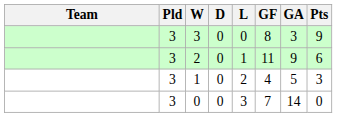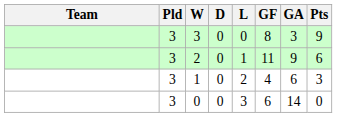 <table class="wikitable" style="text-align: center;">
 <tr>
 <th width="175">Team</th>
 <th width="20">Pld</th>
 <th width="20">W</th>
 <th width="20">D</th>
 <th width="20">L</th>
 <th width="20">GF</th>
 <th width="20">GA</th>
 <th width="20">Pts</th>
 </tr>
 <tr bgcolor="#ccffcc">
 <td style="text-align:left;"></td>
 <td>3</td>
 <td>3</td>
 <td>0</td>
 <td>0</td>
 <td>8</td>
 <td>3</td>
 <td>9</td>
 </tr>
 <tr align=center style="background:#ccffcc;">
 <td style="text-align:left;"></td>
 <td>3</td>
 <td>2</td>
 <td>0</td>
 <td>1</td>
 <td>11</td>
 <td>9</td>
 <td>6</td>
 </tr>
 <tr align=center style="background:#ffffff;">
 <td style="text-align:left;"></td>
 <td>3</td>
 <td>1</td>
 <td>0</td>
 <td>2</td>
 <td>4</td>
-<td>5</td>
+<td>6</td>
 <td>3</td>
 </tr>
 <tr align=center style="background:#ffffff;">
 <td style="text-align:left;"></td>
 <td>3</td>
 <td>0</td>
 <td>0</td>
 <td>3</td>
-<td>7</td>
+<td>6</td>
 <td>14</td>
 <td>0</td>
 </tr>
 </table>
